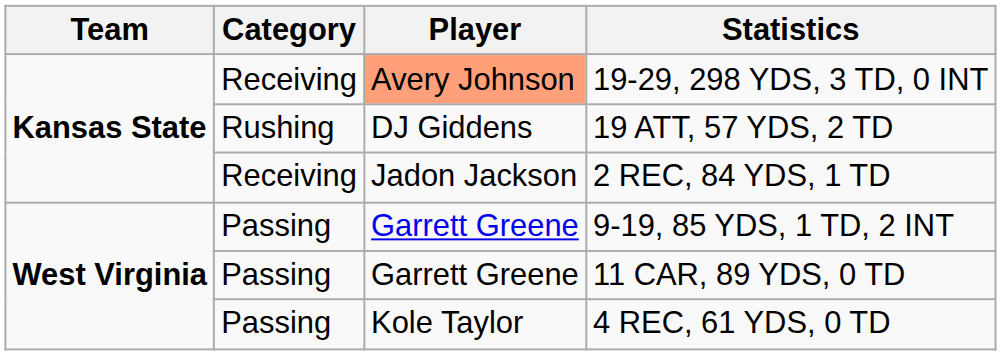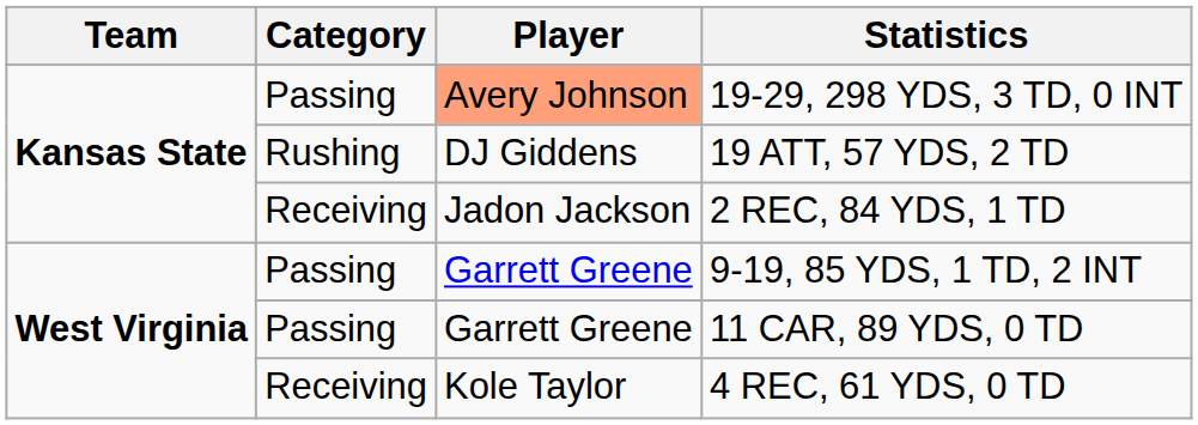 <table class="wikitable" style="float: right;">
 <tr>
 <th>Team</th>
 <th>Category</th>
 <th>Player</th>
 <th>Statistics</th>
 </tr>
 <tr>
 <td rowspan=3><strong>Kansas State</strong></td>
-<td>Receiving</td>
+<td>Passing</td>
 <td style="background: lightsalmon;">Avery Johnson</td>
 <td>19-29, 298 YDS, 3 TD, 0 INT</td>
 </tr>
 <tr>
 <td>Rushing</td>
 <td>DJ Giddens</td>
 <td>19 ATT, 57 YDS, 2 TD</td>
 </tr>
 <tr>
 <td>Receiving</td>
 <td>Jadon Jackson</td>
 <td>2 REC, 84 YDS, 1 TD</td>
 </tr>
 <tr>
 <td rowspan=3><strong>West Virginia</strong></td>
 <td>Passing</td>
 <td><a href='#'>Garrett Greene</a></td>
 <td>9-19, 85 YDS, 1 TD, 2 INT</td>
 </tr>
 <tr>
 <td>Passing</td>
 <td>Garrett Greene</td>
 <td>11 CAR, 89 YDS, 0 TD</td>
 </tr>
 <tr>
-<td>Passing</td>
+<td>Receiving</td>
 <td>Kole Taylor</td>
 <td>4 REC, 61 YDS, 0 TD</td>
 </tr>
 </table>
